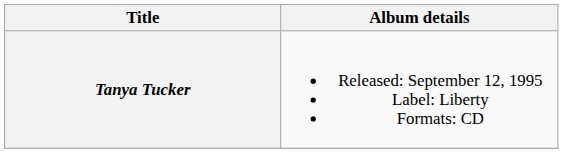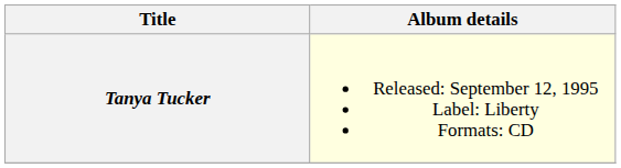 <table class="wikitable plainrowheaders" style="text-align:center;">
 <tr>
 <th scope="col" style="width:16em;">Title</th>
 <th scope="col" style="width:16em;">Album details</th>
 </tr>
 <tr>
 <th scope="row"><em>Tanya Tucker</em></th>
-<td><br><ul><li>Released: September 12, 1995</li><li>Label: Liberty</li><li>Formats: CD</li></ul></td>
+<td style="background: lightyellow;"><br><ul><li>Released: September 12, 1995</li><li>Label: Liberty</li><li>Formats: CD</li></ul></td>
 </tr>
 <tr>
 </tr>
 </table>
